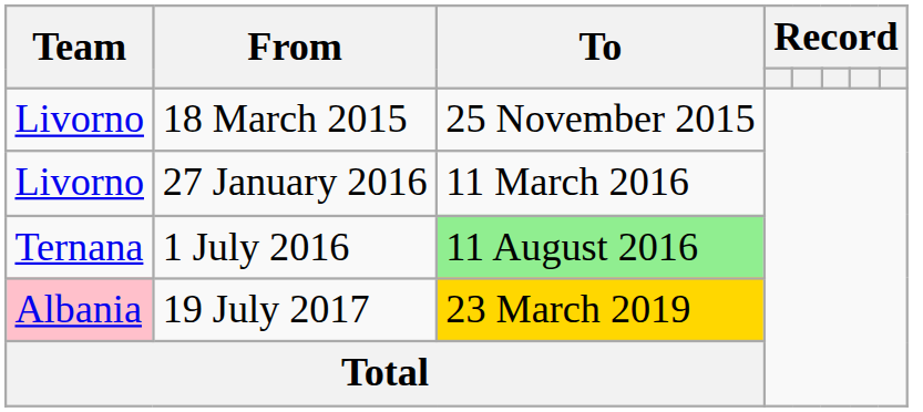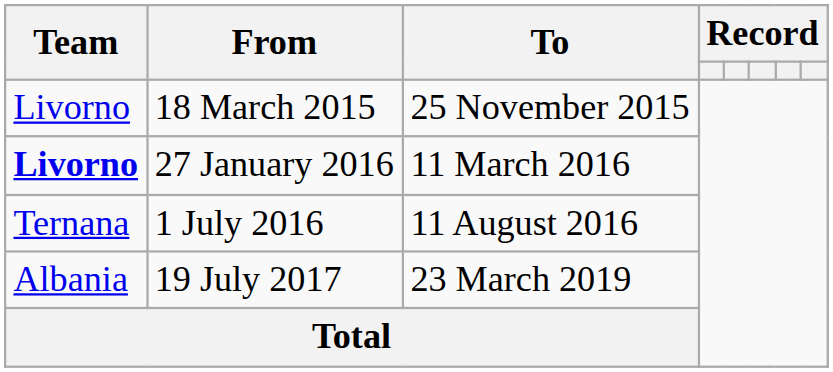 <table class=wikitable style="text-align: center">
 <tr>
 <th rowspan=2>Team</th>
 <th rowspan=2>From</th>
 <th rowspan=2>To</th>
 <th colspan=5>Record</th>
 </tr>
 <tr>
 <th></th>
 <th></th>
 <th></th>
 <th></th>
 <th></th>
 </tr>
 <tr>
 <td align=left><a href='#'>Livorno</a></td>
 <td align=left>18 March 2015</td>
 <td align=left>25 November 2015<br></td>
 </tr>
 <tr>
-<td align=left><a href='#'>Livorno</a></td>
+<td align=left><strong><a href='#'>Livorno</a></strong></td>
 <td align=left>27 January 2016</td>
 <td align=left>11 March 2016<br></td>
 </tr>
 <tr>
 <td align=left><a href='#'>Ternana</a></td>
 <td align=left>1 July 2016</td>
-<td align=left style="background: lightgreen;">11 August 2016<br></td>
+<td align=left>11 August 2016<br></td>
 </tr>
 <tr>
-<td align=left style="background: pink;"><a href='#'>Albania</a></td>
+<td align=left><a href='#'>Albania</a></td>
 <td align=left>19 July 2017</td>
-<td align=left style="background: gold;">23 March 2019<br></td>
+<td align=left>23 March 2019<br></td>
 </tr>
 <tr>
 <th colspan=3>Total<br></th>
 </tr>
 </table>
